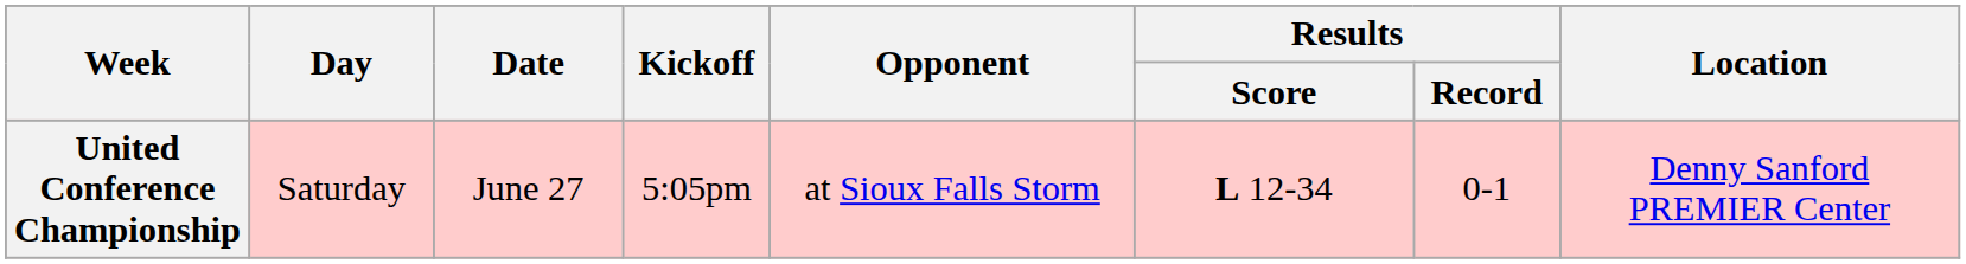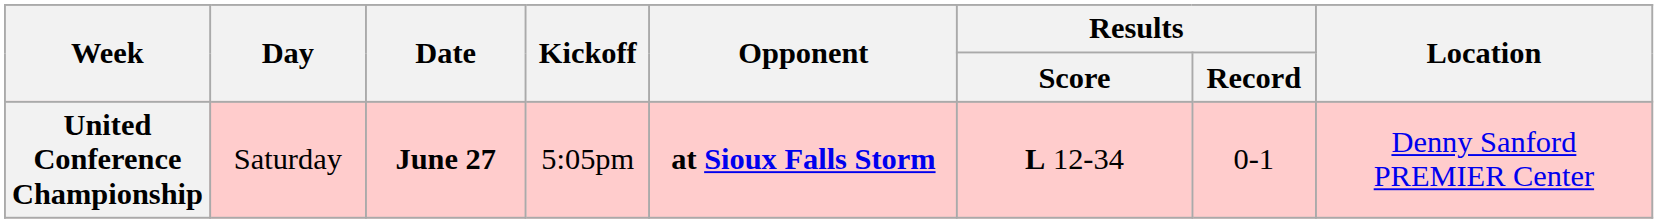 <table class="wikitable">
 <tr>
 <th rowspan="2" width="40">Week</th>
 <th rowspan="2" width="80">Day</th>
 <th rowspan="2" width="90">Date</th>
 <th rowspan="2" width="60">Kickoff</th>
 <th rowspan="2" width="180">Opponent</th>
 <th colspan="2" width="200">Results</th>
 <th rowspan="2" width="200">Location</th>
 </tr>
 <tr>
 <th width="140">Score</th>
 <th width="60">Record</th>
 </tr>
 <tr align="center" bgcolor="#FFCCCC">
 <th>United Conference Championship</th>
 <td>Saturday</td>
-<td>June 27</td>
+<td><strong>June 27</strong></td>
 <td>5:05pm</td>
-<td>at <a href='#'>Sioux Falls Storm</a></td>
+<td><strong>at <a href='#'>Sioux Falls Storm</a></strong></td>
 <td><strong>L</strong> 12-34</td>
 <td>0-1</td>
 <td><a href='#'>Denny Sanford PREMIER Center</a></td>
 </tr>
 </table>
